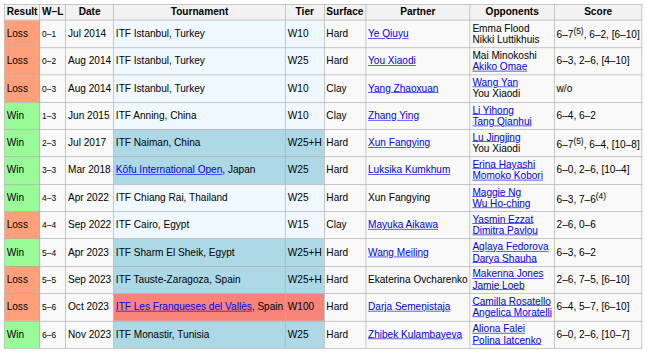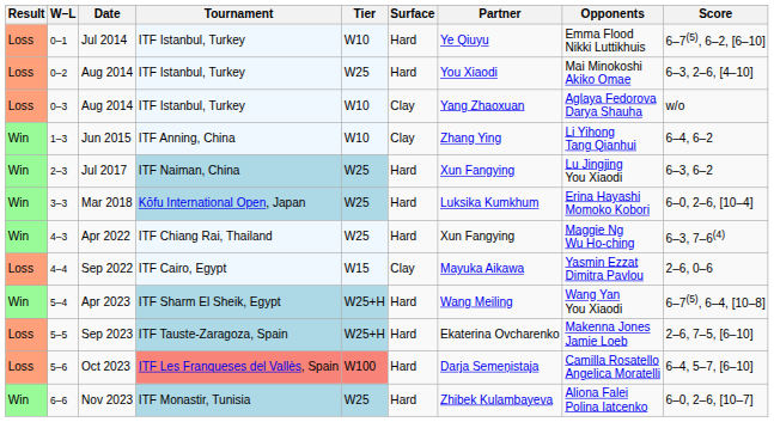 <table class="sortable wikitable">
 <tr>
 <th>Result</th>
 <th class=unsortable>W–L</th>
 <th>Date</th>
 <th>Tournament</th>
 <th>Tier</th>
 <th>Surface</th>
 <th>Partner</th>
 <th>Opponents</th>
 <th class=unsortable>Score</th>
 </tr>
 <tr>
 <td style="background:#ffa07a;">Loss</td>
 <td><small>0–1</small></td>
 <td>Jul 2014</td>
 <td style="background:#f0f8ff;">ITF Istanbul, Turkey</td>
 <td style="background:#f0f8ff;">W10</td>
 <td>Hard</td>
 <td> <a href='#'>Ye Qiuyu</a></td>
 <td> Emma Flood <br>  Nikki Luttikhuis</td>
 <td>6–7<sup>(5)</sup>, 6–2, [6–10]</td>
 </tr>
 <tr>
 <td style="background:#ffa07a;">Loss</td>
 <td><small>0–2</small></td>
 <td>Aug 2014</td>
 <td style="background:#f0f8ff;">ITF Istanbul, Turkey</td>
 <td style="background:#f0f8ff;">W25</td>
 <td>Hard</td>
 <td> <a href='#'>You Xiaodi</a></td>
 <td> Mai Minokoshi <br>  <a href='#'>Akiko Omae</a></td>
 <td>6–3, 2–6, [4–10]</td>
 </tr>
 <tr>
 <td style="background:#ffa07a;">Loss</td>
 <td><small>0–3</small></td>
 <td>Aug 2014</td>
 <td style="background:#f0f8ff;">ITF Istanbul, Turkey</td>
 <td style="background:#f0f8ff;">W10</td>
 <td>Clay</td>
 <td> <a href='#'>Yang Zhaoxuan</a></td>
-<td> <a href='#'>Wang Yan</a> <br>  You Xiaodi</td>
+<td> <a href='#'>Aglaya Fedorova</a> <br>  <a href='#'>Darya Shauha</a></td>
 <td>w/o</td>
 </tr>
 <tr>
 <td style="background:#98fb98;">Win</td>
 <td><small>1–3</small></td>
 <td>Jun 2015</td>
 <td style="background:#f0f8ff;">ITF Anning, China</td>
 <td style="background:#f0f8ff;">W10</td>
 <td>Clay</td>
 <td> <a href='#'>Zhang Ying</a></td>
 <td> <a href='#'>Li Yihong</a> <br>  <a href='#'>Tang Qianhui</a></td>
 <td>6–4, 6–2</td>
 </tr>
 <tr>
 <td style="background:#98fb98;">Win</td>
 <td><small>2–3</small></td>
 <td>Jul 2017</td>
 <td style="background:lightblue;">ITF Naiman, China</td>
-<td style="background:lightblue;">W25+H</td>
+<td style="background:lightblue;">W25</td>
 <td>Hard</td>
 <td> <a href='#'>Xun Fangying</a></td>
 <td> <a href='#'>Lu Jingjing</a> <br>  You Xiaodi</td>
-<td>6–7<sup>(5)</sup>, 6–4, [10–8]</td>
+<td>6–3, 6–2</td>
 </tr>
 <tr>
 <td style="background:#98fb98;">Win</td>
 <td><small>3–3</small></td>
 <td>Mar 2018</td>
 <td style="background:lightblue;"><a href='#'>Kōfu International Open</a>, Japan</td>
 <td style="background:lightblue;">W25</td>
 <td>Hard</td>
 <td> <a href='#'>Luksika Kumkhum</a></td>
 <td> <a href='#'>Erina Hayashi</a> <br>  <a href='#'>Momoko Kobori</a></td>
 <td>6–0, 2–6, [10–4]</td>
 </tr>
 <tr>
 <td style="background:#98fb98;">Win</td>
 <td><small>4–3</small></td>
 <td>Apr 2022</td>
 <td style="background:#f0f8ff;">ITF Chiang Rai, Thailand</td>
 <td style="background:#f0f8ff;">W25</td>
 <td>Hard</td>
 <td> Xun Fangying</td>
 <td> <a href='#'>Maggie Ng</a> <br>  <a href='#'>Wu Ho-ching</a></td>
 <td>6–3, 7–6<sup>(4)</sup></td>
 </tr>
 <tr>
 <td bgcolor=ffa07a>Loss</td>
 <td><small>4–4</small></td>
 <td>Sep 2022</td>
 <td style="background:#f0f8ff;">ITF Cairo, Egypt</td>
 <td style="background:#f0f8ff;">W15</td>
 <td>Clay</td>
 <td> <a href='#'>Mayuka Aikawa</a></td>
 <td> <a href='#'>Yasmin Ezzat</a> <br>  <a href='#'>Dimitra Pavlou</a></td>
 <td>2–6, 0–6</td>
 </tr>
 <tr>
 <td style="background:#98fb98;">Win</td>
 <td><small>5–4</small></td>
 <td>Apr 2023</td>
 <td style="background:lightblue;">ITF Sharm El Sheik, Egypt</td>
 <td style="background:lightblue;">W25+H</td>
 <td>Hard</td>
 <td> <a href='#'>Wang Meiling</a></td>
-<td> <a href='#'>Aglaya Fedorova</a> <br>  <a href='#'>Darya Shauha</a></td>
-<td>6–3, 6–2</td>
+<td> <a href='#'>Wang Yan</a> <br>  You Xiaodi</td>
+<td>6–7<sup>(5)</sup>, 6–4, [10–8]</td>
 </tr>
 <tr>
 <td bgcolor=ffa07a>Loss</td>
 <td><small>5–5</small></td>
 <td>Sep 2023</td>
 <td style="background:lightblue;">ITF Tauste-Zaragoza, Spain</td>
 <td style="background:lightblue;">W25+H</td>
 <td>Hard</td>
 <td> Ekaterina Ovcharenko</td>
 <td> <a href='#'>Makenna Jones</a> <br>  <a href='#'>Jamie Loeb</a></td>
 <td>2–6, 7–5, [6–10]</td>
 </tr>
 <tr>
 <td style="background:#ffa07a;">Loss</td>
 <td><small>5–6</small></td>
 <td>Oct 2023</td>
 <td style="background:#f88379;"><a href='#'>ITF Les Franqueses del Vallès</a>, Spain</td>
 <td style="background:#f88379;">W100</td>
 <td>Hard</td>
 <td> <a href='#'>Darja Semeņistaja</a></td>
 <td> <a href='#'>Camilla Rosatello</a> <br>  <a href='#'>Angelica Moratelli</a></td>
 <td>6–4, 5–7, [6–10]</td>
 </tr>
 <tr>
 <td style="background:#98fb98;">Win</td>
 <td><small>6–6</small></td>
 <td>Nov 2023</td>
 <td style="background:lightblue">ITF Monastir, Tunisia</td>
 <td style="background:lightblue">W25</td>
 <td>Hard</td>
 <td> <a href='#'>Zhibek Kulambayeva</a></td>
 <td> <a href='#'>Aliona Falei</a> <br>  <a href='#'>Polina Iatcenko</a></td>
 <td>6–0, 2–6, [10–7]</td>
 </tr>
 </table>
